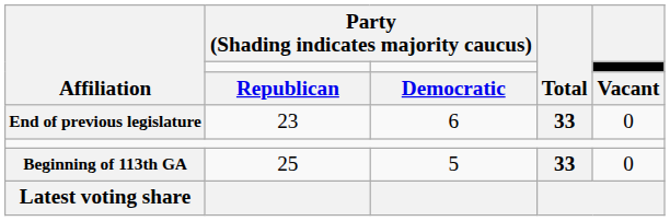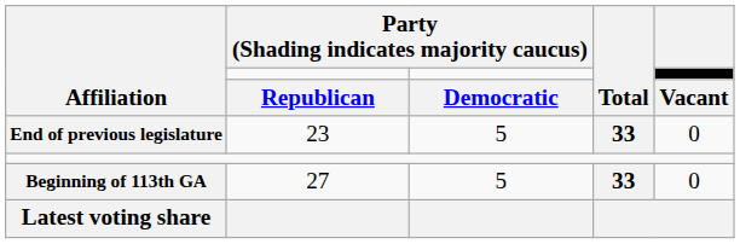 <table class=wikitable style="text-align:center">
 <tr style="vertical-align:bottom;">
 <th rowspan=3>Affiliation</th>
 <th colspan="2">Party <div>(Shading indicates majority caucus)</div></th>
 <th rowspan=3>Total</th>
 <th></th>
 </tr>
 <tr>
 <td style="background-color:"></td>
 <td style="background-color:"></td>
 <td style="background: black"></td>
 </tr>
 <tr>
 <th><a href='#'>Republican</a></th>
 <th><a href='#'>Democratic</a></th>
 <th>Vacant</th>
 </tr>
 <tr>
 <th nowrap style="font-size:80%">End of previous legislature</th>
 <td>23</td>
-<td>6</td>
+<td>5</td>
 <th><strong>33</strong></th>
 <td>0</td>
 </tr>
 <tr>
 <td colspan="6"></td>
 </tr>
 <tr>
 <th nowrap style="font-size:80%">Beginning of 113th GA</th>
-<td>25</td>
+<td>27</td>
 <td>5</td>
 <th><strong>33</strong></th>
 <td>0</td>
 </tr>
 <tr>
 <th>Latest voting share</th>
 <th></th>
 <th></th>
 <th colspan="2"></th>
 </tr>
 </table>
